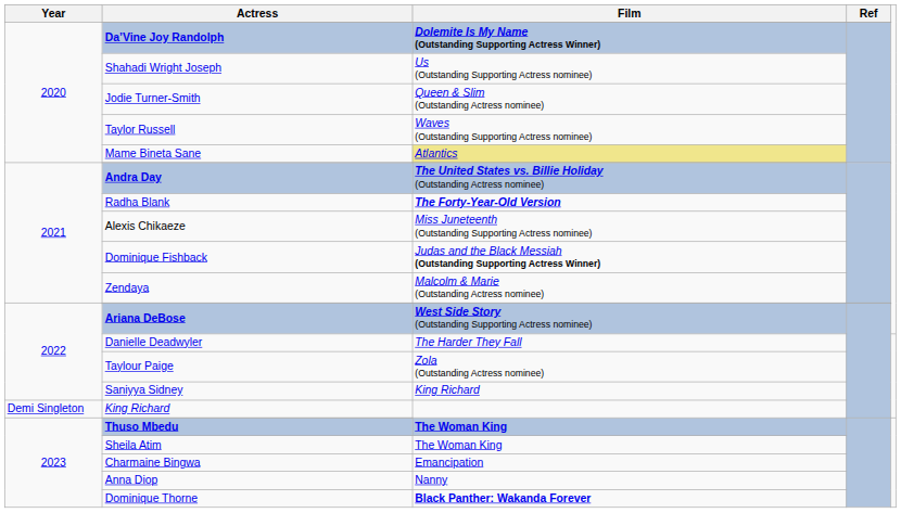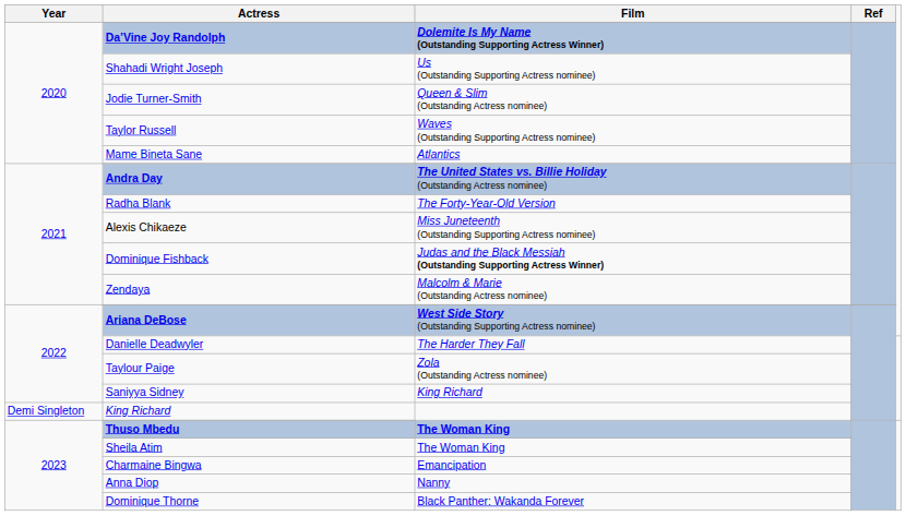 <table class="wikitable" style="width:100%;">
 <tr style="background:#bebebe;">
 <th style="width:11%;">Year</th>
 <th style="width:35%;">Actress</th>
 <th style="width:49%;">Film</th>
 <th style="width:5%;">Ref</th>
 </tr>
 <tr>
 <td rowspan="6" align="center"><a href='#'>2020</a></td>
 </tr>
 <tr style="background:#B0C4DE">
 <td><strong><a href='#'>Da’Vine Joy Randolph</a></strong></td>
 <td><strong><em><a href='#'>Dolemite Is My Name</a></em></strong> <strong><br><small>(Outstanding Supporting Actress Winner)</small></strong></td>
 <td rowspan="6" align="center"></td>
 </tr>
 <tr>
 <td><a href='#'>Shahadi Wright Joseph</a></td>
 <td><em><a href='#'>Us</a></em> <br><small>(Outstanding Supporting Actress nominee)</small></td>
 </tr>
 <tr>
 <td><a href='#'>Jodie Turner-Smith</a></td>
 <td><em><a href='#'>Queen & Slim</a></em> <br><small>(Outstanding Actress nominee)</small></td>
 </tr>
 <tr>
 <td><a href='#'>Taylor Russell</a></td>
 <td><em><a href='#'>Waves</a></em> <br><small>(Outstanding Supporting Actress nominee)</small></td>
 </tr>
 <tr>
 <td><a href='#'>Mame Bineta Sane</a></td>
-<td style="background: khaki;"><em><a href='#'>Atlantics</a></em></td>
+<td><em><a href='#'>Atlantics</a></em></td>
 </tr>
 <tr>
 <td rowspan="6" align="center"><a href='#'>2021</a></td>
 </tr>
 <tr style="background:#B0C4DE">
 <td><strong><a href='#'>Andra Day</a></strong></td>
 <td><strong><em><a href='#'>The United States vs. Billie Holiday</a></em></strong> <br><small>(Outstanding Actress nominee)</small></td>
 <td rowspan="6" align="center"></td>
 </tr>
 <tr>
 <td><a href='#'>Radha Blank</a></td>
-<td><strong><em><a href='#'>The Forty-Year-Old Version</a></em></strong></td>
+<td><em><a href='#'>The Forty-Year-Old Version</a></em></td>
 </tr>
 <tr>
 <td>Alexis Chikaeze</td>
 <td><em><a href='#'>Miss Juneteenth</a></em> <br><small>(Outstanding Supporting Actress nominee)</small></td>
 </tr>
 <tr>
 <td><a href='#'>Dominique Fishback</a></td>
 <td><em><a href='#'>Judas and the Black Messiah</a></em> <strong><br><small>(Outstanding Supporting Actress Winner)</small></strong></td>
 </tr>
 <tr>
 <td><a href='#'>Zendaya</a></td>
 <td><em><a href='#'>Malcolm & Marie</a></em> <br><small>(Outstanding Actress nominee)</small></td>
 </tr>
 <tr>
 <td rowspan="6" align="center"><a href='#'>2022</a></td>
 </tr>
 <tr>
 </tr>
 <tr style="background:#B0C4DE">
 <td><strong><a href='#'>Ariana DeBose</a></strong></td>
 <td><strong><em><a href='#'>West Side Story</a></em></strong> <br><small>(Outstanding Supporting Actress nominee)</small></td>
 <td rowspan="6" align="center"></td>
 </tr>
 <tr>
 <td><a href='#'>Danielle Deadwyler</a></td>
 <td><em><a href='#'>The Harder They Fall</a></em></td>
 <td rowspan="4" align="center"></td>
 </tr>
 <tr>
 <td><a href='#'>Taylour Paige</a></td>
 <td><em><a href='#'>Zola</a></em> <br><small>(Outstanding Actress nominee)</small></td>
 </tr>
 <tr>
 <td><a href='#'>Saniyya Sidney</a></td>
 <td><em><a href='#'>King Richard</a></em></td>
 </tr>
 <tr>
 <td><a href='#'>Demi Singleton</a></td>
 <td><em><a href='#'>King Richard</a></em></td>
 </tr>
 <tr>
 <td rowspan="6" align="center"><a href='#'>2023</a></td>
 </tr>
 <tr style="background:#B0C4DE">
 <td><strong><a href='#'>Thuso Mbedu</a></strong></td>
 <td><strong><a href='#'>The Woman King</a></strong></td>
 <td rowspan="6" align="center"></td>
 </tr>
 <tr>
 <td><a href='#'>Sheila Atim</a></td>
 <td><a href='#'>The Woman King</a></td>
 </tr>
 <tr>
 <td><a href='#'>Charmaine Bingwa</a></td>
 <td><a href='#'>Emancipation</a></td>
 </tr>
 <tr>
 <td><a href='#'>Anna Diop</a></td>
 <td><a href='#'>Nanny</a></td>
 </tr>
 <tr>
 <td><a href='#'>Dominique Thorne</a></td>
-<td><strong><a href='#'>Black Panther: Wakanda Forever</a></strong></td>
+<td><a href='#'>Black Panther: Wakanda Forever</a></td>
 </tr>
 </table>
